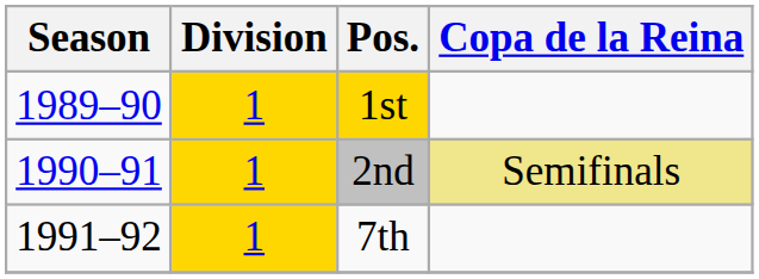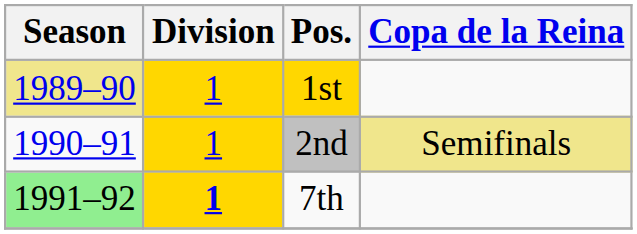 <table class="wikitable" style="text-align:center">
 <tr style="background:#f0f6fa;">
 <th>Season</th>
 <th>Division</th>
 <th>Pos.</th>
 <th><a href='#'>Copa de la Reina</a></th>
 </tr>
 <tr>
-<td><a href='#'>1989–90</a></td>
+<td style="background: khaki;"><a href='#'>1989–90</a></td>
 <td bgcolor=gold><a href='#'>1</a></td>
 <td bgcolor=gold>1st</td>
 <td></td>
 </tr>
 <tr>
 <td><a href='#'>1990–91</a></td>
 <td bgcolor=gold><a href='#'>1</a></td>
 <td bgcolor=silver>2nd</td>
 <td style="background: khaki;">Semifinals</td>
 </tr>
 <tr>
-<td>1991–92</td>
-<td bgcolor=gold><a href='#'>1</a></td>
+<td style="background: lightgreen;">1991–92</td>
+<td bgcolor=gold><strong><a href='#'>1</a></strong></td>
 <td>7th</td>
 <td></td>
 </tr>
 <tr>
 </tr>
 </table>
